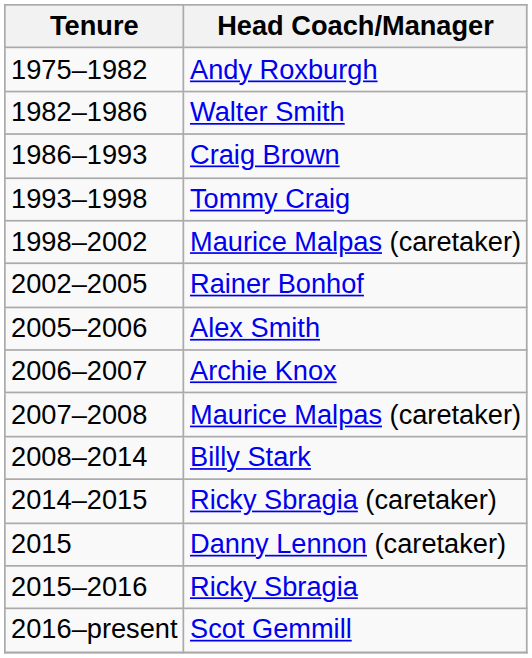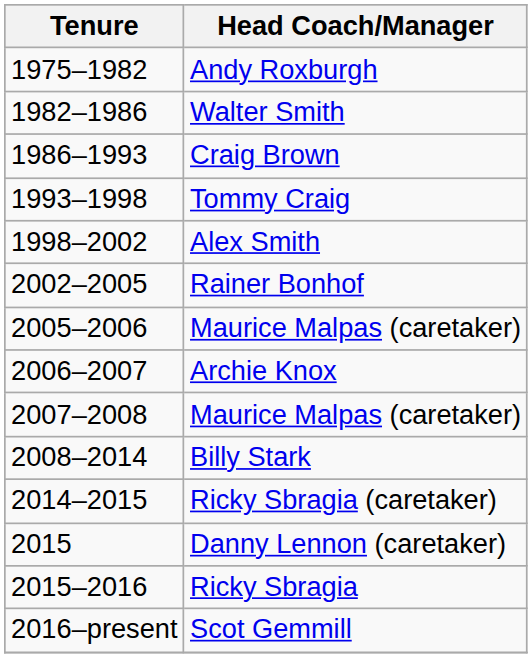 <table class=wikitable>
 <tr>
 <th>Tenure</th>
 <th>Head Coach/Manager</th>
 </tr>
 <tr>
 <td>1975–1982</td>
 <td><a href='#'>Andy Roxburgh</a></td>
 </tr>
 <tr>
 <td>1982–1986</td>
 <td><a href='#'>Walter Smith</a></td>
 </tr>
 <tr>
 <td>1986–1993</td>
 <td><a href='#'>Craig Brown</a></td>
 </tr>
 <tr>
 <td>1993–1998</td>
 <td><a href='#'>Tommy Craig</a></td>
 </tr>
 <tr>
 <td>1998–2002</td>
-<td><a href='#'>Maurice Malpas</a> (caretaker)</td>
+<td><a href='#'>Alex Smith</a></td>
 </tr>
 <tr>
 <td>2002–2005</td>
 <td><a href='#'>Rainer Bonhof</a></td>
 </tr>
 <tr>
 <td>2005–2006</td>
-<td><a href='#'>Alex Smith</a></td>
+<td><a href='#'>Maurice Malpas</a> (caretaker)</td>
 </tr>
 <tr>
 <td>2006–2007</td>
 <td><a href='#'>Archie Knox</a></td>
 </tr>
 <tr>
 <td>2007–2008</td>
 <td><a href='#'>Maurice Malpas</a> (caretaker)</td>
 </tr>
 <tr>
 <td>2008–2014</td>
 <td><a href='#'>Billy Stark</a></td>
 </tr>
 <tr>
 <td>2014–2015</td>
 <td><a href='#'>Ricky Sbragia</a> (caretaker)</td>
 </tr>
 <tr>
 <td>2015</td>
 <td><a href='#'>Danny Lennon</a> (caretaker)</td>
 </tr>
 <tr>
 <td>2015–2016</td>
 <td><a href='#'>Ricky Sbragia</a></td>
 </tr>
 <tr>
 <td>2016–present</td>
 <td><a href='#'>Scot Gemmill</a></td>
 </tr>
 <tr>
 </tr>
 </table>
